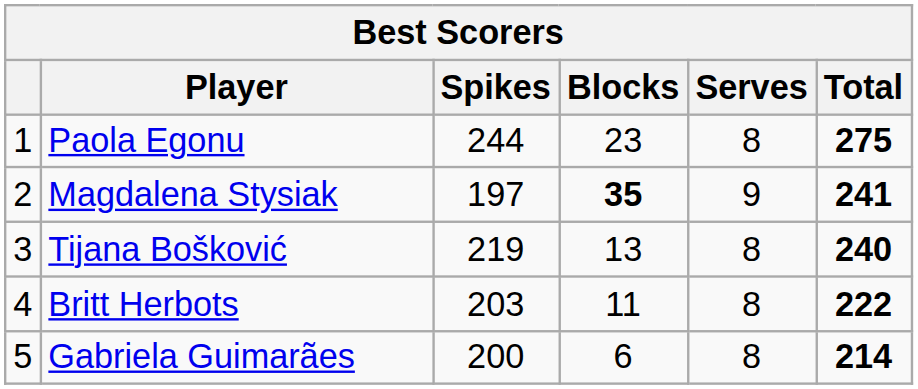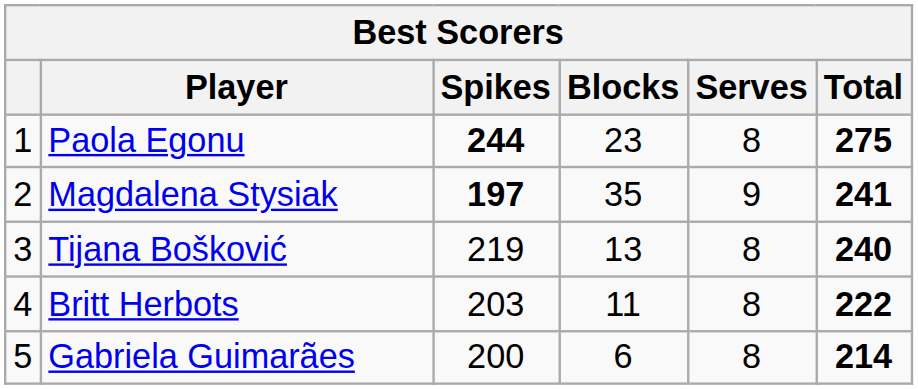 <table class="wikitable sortable" style=font-size:90%>
 <tr>
 <th colspan=6>Best Scorers</th>
 </tr>
 <tr>
 <th></th>
 <th width=158>Player</th>
 <th width=20>Spikes</th>
 <th width=20>Blocks</th>
 <th width=20>Serves</th>
 <th width=20>Total</th>
 </tr>
 <tr>
 <td align=center>1</td>
 <td> <a href='#'>Paola Egonu</a></td>
-<td align=center>244</td>
+<td align=center><strong>244</strong></td>
 <td align=center>23</td>
 <td align=center>8</td>
 <td align=center><strong>275</strong></td>
 </tr>
 <tr>
 <td align=center>2</td>
 <td> <a href='#'>Magdalena Stysiak</a></td>
-<td align=center>197</td>
-<td align=center><strong>35</strong></td>
+<td align=center><strong>197</strong></td>
+<td align=center>35</td>
 <td align=center>9</td>
 <td align=center><strong>241</strong></td>
 </tr>
 <tr>
 <td align=center>3</td>
 <td> <a href='#'>Tijana Bošković</a></td>
 <td align=center>219</td>
 <td align=center>13</td>
 <td align=center>8</td>
 <td align=center><strong>240</strong></td>
 </tr>
 <tr>
 <td align=center>4</td>
 <td> <a href='#'>Britt Herbots</a></td>
 <td align=center>203</td>
 <td align=center>11</td>
 <td align=center>8</td>
 <td align=center><strong>222</strong></td>
 </tr>
 <tr>
 <td align=center>5</td>
 <td> <a href='#'>Gabriela Guimarães</a></td>
 <td align=center>200</td>
 <td align=center>6</td>
 <td align=center>8</td>
 <td align=center><strong>214</strong></td>
 </tr>
 </table>
